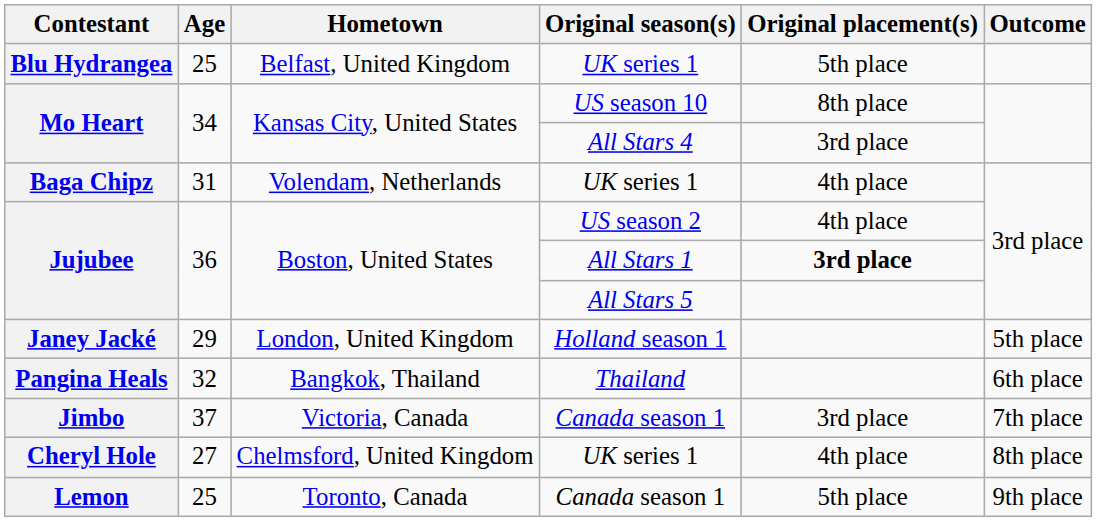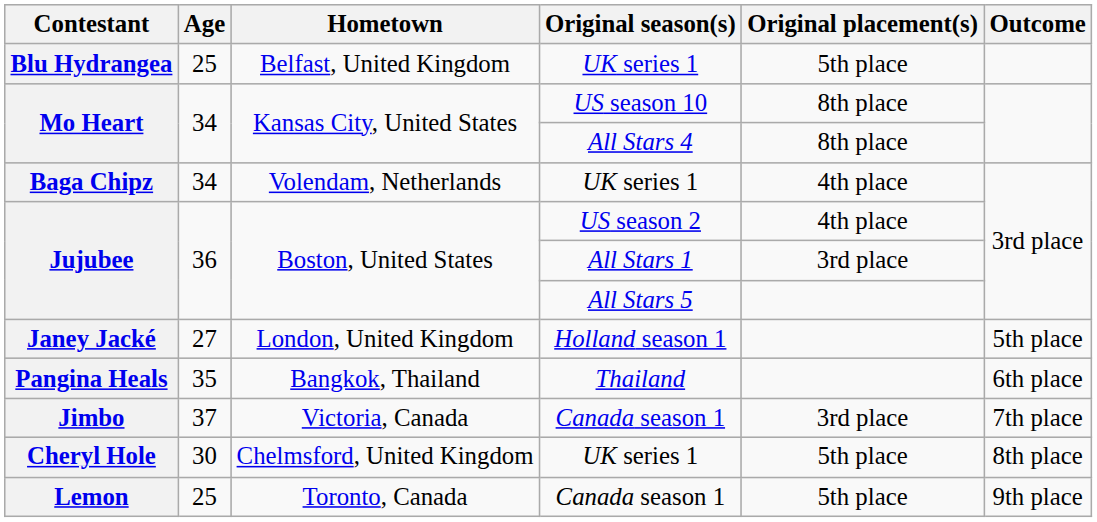 <table class="wikitable sortable" style="text-align:center">
 <tr>
 <th scope="col">Contestant</th>
 <th scope="col">Age</th>
 <th scope="col">Hometown</th>
 <th class="unsortable" scope="col">Original season(s)</th>
 <th scope="col">Original placement(s)</th>
 <th scope="col">Outcome</th>
 </tr>
 <tr>
 <th nowrap scope="row"><a href='#'>Blu Hydrangea</a></th>
 <td>25</td>
 <td><a href='#'>Belfast</a>, United Kingdom</td>
 <td><a href='#'><em>UK</em> series 1</a></td>
 <td>5th place</td>
 <td></td>
 </tr>
 <tr>
 <th rowspan="2" scope="row"><a href='#'>Mo Heart</a></th>
 <td rowspan="2">34</td>
 <td rowspan="2"><a href='#'>Kansas City</a>, United States</td>
 <td><a href='#'><em>US</em> season 10</a></td>
 <td>8th place</td>
 <td nowrap rowspan="2"></td>
 </tr>
 <tr>
 <td><a href='#'><em>All Stars 4</em></a></td>
-<td>3rd place</td>
+<td>8th place</td>
 </tr>
 <tr>
 <th scope="row"><a href='#'>Baga Chipz</a></th>
-<td>31</td>
+<td>34</td>
 <td><a href='#'>Volendam</a>, Netherlands</td>
 <td><em>UK</em> series 1</td>
 <td>4th place</td>
 <td rowspan="4">3rd place</td>
 </tr>
 <tr>
 <th rowspan="3" scope="row"><a href='#'>Jujubee</a></th>
 <td rowspan="3">36</td>
 <td rowspan="3"><a href='#'>Boston</a>, United States</td>
 <td><a href='#'><em>US</em> season 2</a></td>
 <td>4th place</td>
 </tr>
 <tr>
 <td><a href='#'><em>All Stars 1</em></a></td>
-<td><strong>3rd place</strong></td>
+<td>3rd place</td>
 </tr>
 <tr>
 <td><a href='#'><em>All Stars 5</em></a></td>
 <td></td>
 </tr>
 <tr>
 <th scope="row"><a href='#'>Janey Jacké</a></th>
-<td>29</td>
+<td>27</td>
 <td><a href='#'>London</a>, United Kingdom</td>
 <td nowrap><a href='#'><em>Holland</em> season 1</a></td>
 <td></td>
 <td>5th place</td>
 </tr>
 <tr>
 <th scope="row"><a href='#'>Pangina Heals</a></th>
-<td>32</td>
+<td>35</td>
 <td><a href='#'>Bangkok</a>, Thailand</td>
 <td><em><a href='#'>Thailand</a></em></td>
 <td></td>
 <td>6th place</td>
 </tr>
 <tr>
 <th scope="row"><a href='#'>Jimbo</a></th>
 <td>37</td>
 <td><a href='#'>Victoria</a>, Canada</td>
 <td><a href='#'><em>Canada</em> season 1</a></td>
 <td>3rd place</td>
 <td>7th place</td>
 </tr>
 <tr>
 <th scope="row"><a href='#'>Cheryl Hole</a></th>
-<td>27</td>
+<td>30</td>
 <td nowrap><a href='#'>Chelmsford</a>, United Kingdom</td>
 <td><em>UK</em> series 1</td>
-<td>4th place</td>
+<td>5th place</td>
 <td>8th place</td>
 </tr>
 <tr>
 <th scope="row"><a href='#'>Lemon</a></th>
 <td>25</td>
 <td nowrap><a href='#'>Toronto</a>, Canada </td>
 <td><em>Canada</em> season 1</td>
 <td>5th place</td>
 <td>9th place</td>
 </tr>
 </table>
